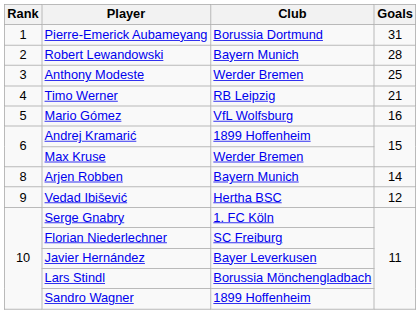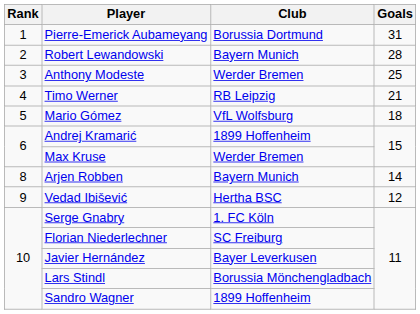 <table class="wikitable" style="text-align:center">
 <tr>
 <th>Rank</th>
 <th>Player</th>
 <th>Club</th>
 <th>Goals</th>
 </tr>
 <tr>
 <td>1</td>
 <td align="left"> <a href='#'>Pierre-Emerick Aubameyang</a></td>
 <td align="left"><a href='#'>Borussia Dortmund</a></td>
 <td>31</td>
 </tr>
 <tr>
 <td>2</td>
 <td align="left"> <a href='#'>Robert Lewandowski</a></td>
 <td align="left"><a href='#'>Bayern Munich</a></td>
 <td>28</td>
 </tr>
 <tr>
 <td>3</td>
 <td align="left"> <a href='#'>Anthony Modeste</a></td>
 <td align="left"><a href='#'>Werder Bremen</a></td>
 <td>25</td>
 </tr>
 <tr>
 <td>4</td>
 <td align="left"> <a href='#'>Timo Werner</a></td>
 <td align="left"><a href='#'>RB Leipzig</a></td>
 <td>21</td>
 </tr>
 <tr>
 <td>5</td>
 <td align="left"> <a href='#'>Mario Gómez</a></td>
 <td align="left"><a href='#'>VfL Wolfsburg</a></td>
-<td>16</td>
+<td>18</td>
 </tr>
 <tr>
 <td rowspan=2>6</td>
 <td align="left"> <a href='#'>Andrej Kramarić</a></td>
 <td align="left"><a href='#'>1899 Hoffenheim</a></td>
 <td rowspan=2>15</td>
 </tr>
 <tr>
 <td align="left"> <a href='#'>Max Kruse</a></td>
 <td align="left"><a href='#'>Werder Bremen</a></td>
 </tr>
 <tr>
 <td>8</td>
 <td align="left"> <a href='#'>Arjen Robben</a></td>
 <td align="left"><a href='#'>Bayern Munich</a></td>
 <td>14</td>
 </tr>
 <tr>
 <td>9</td>
 <td align="left"> <a href='#'>Vedad Ibišević</a></td>
 <td align="left"><a href='#'>Hertha BSC</a></td>
 <td>12</td>
 </tr>
 <tr>
 <td rowspan=5>10</td>
 <td align="left"> <a href='#'>Serge Gnabry</a></td>
 <td align="left"><a href='#'>1. FC Köln</a></td>
 <td rowspan=5>11</td>
 </tr>
 <tr>
 <td align="left"> <a href='#'>Florian Niederlechner</a></td>
 <td align="left"><a href='#'>SC Freiburg</a></td>
 </tr>
 <tr>
 <td align="left"> <a href='#'>Javier Hernández</a></td>
 <td align="left"><a href='#'>Bayer Leverkusen</a></td>
 </tr>
 <tr>
 <td align="left"> <a href='#'>Lars Stindl</a></td>
 <td align="left"><a href='#'>Borussia Mönchengladbach</a></td>
 </tr>
 <tr>
 <td align="left"> <a href='#'>Sandro Wagner</a></td>
 <td align="left"><a href='#'>1899 Hoffenheim</a></td>
 </tr>
 </table>
